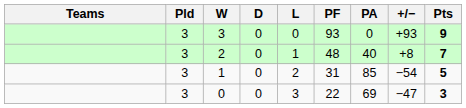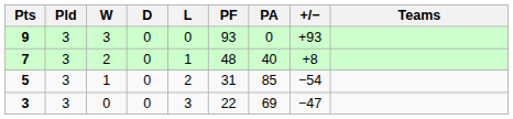 <table class="wikitable" style="text-align: center;">
 <tr>
-<th width="200">Teams</th>
+<th width="40">Pts</th>
 <th width="40">Pld</th>
 <th width="40">W</th>
 <th width="40">D</th>
 <th width="40">L</th>
 <th width="40">PF</th>
 <th width="40">PA</th>
 <th width="40">+/−</th>
-<th width="40">Pts</th>
+<th width="200">Teams</th>
 </tr>
 <tr bgcolor=ccffcc>
-<td align=left></td>
+<td><strong>9</strong></td>
 <td>3</td>
 <td>3</td>
 <td>0</td>
 <td>0</td>
 <td>93</td>
 <td>0</td>
 <td>+93</td>
-<td><strong>9</strong></td>
+<td align=left></td>
 </tr>
 <tr bgcolor=ccffcc>
-<td align=left></td>
+<td><strong>7</strong></td>
 <td>3</td>
 <td>2</td>
 <td>0</td>
 <td>1</td>
 <td>48</td>
 <td>40</td>
 <td>+8</td>
-<td><strong>7</strong></td>
+<td align=left></td>
 </tr>
 <tr>
-<td align=left></td>
+<td><strong>5</strong></td>
 <td>3</td>
 <td>1</td>
 <td>0</td>
 <td>2</td>
 <td>31</td>
 <td>85</td>
 <td>−54</td>
-<td><strong>5</strong></td>
+<td align=left></td>
 </tr>
 <tr>
-<td align=left></td>
+<td><strong>3</strong></td>
 <td>3</td>
 <td>0</td>
 <td>0</td>
 <td>3</td>
 <td>22</td>
 <td>69</td>
 <td>−47</td>
-<td><strong>3</strong></td>
+<td align=left></td>
 </tr>
 </table>
